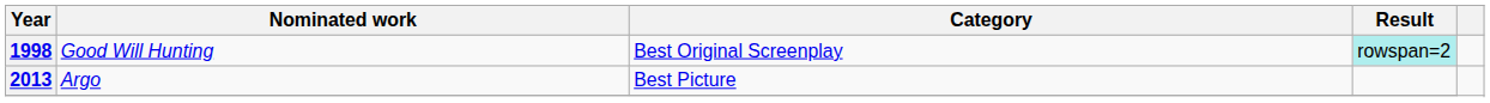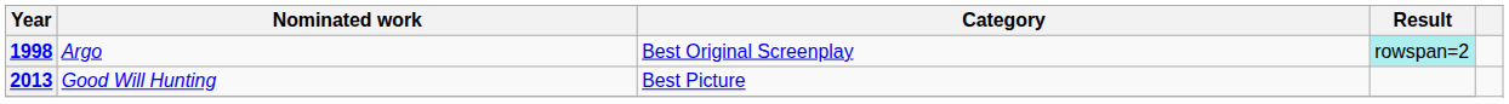 <table class=wikitable>
 <tr>
 <th scope="col" style="width:1em;">Year</th>
 <th scope="col" style="width:30em;">Nominated work</th>
 <th scope="col" style="width:38em;">Category</th>
 <th scope="col" style="width:5em;">Result</th>
 <th scope="col" style="width:1em;"></th>
 </tr>
 <tr>
 <th scope="row"><a href='#'>1998</a></th>
-<td><em><a href='#'>Good Will Hunting</a></em></td>
+<td><em><a href='#'>Argo</a></em></td>
 <td><a href='#'>Best Original Screenplay</a></td>
 <td style="background: paleturquoise;">rowspan=2 </td>
 <td style="text-align:center;"></td>
 </tr>
 <tr>
 <th scope="row"><a href='#'>2013</a></th>
-<td><em><a href='#'>Argo</a></em></td>
+<td><em><a href='#'>Good Will Hunting</a></em></td>
 <td><a href='#'>Best Picture</a></td>
 <td style="text-align:center;"></td>
 </tr>
 <tr>
 </tr>
 </table>
